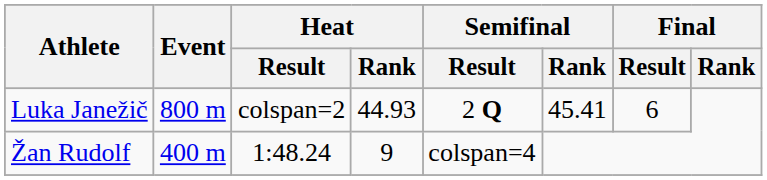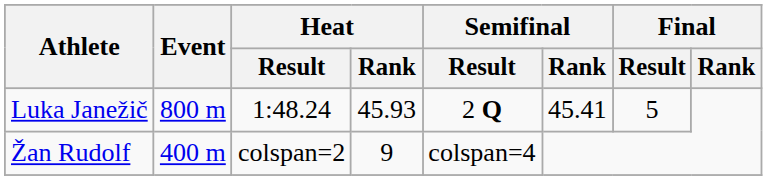 <table class="wikitable" style="font-size:90%">
 <tr>
 <th rowspan=2>Athlete</th>
 <th rowspan=2>Event</th>
 <th colspan=2>Heat</th>
 <th colspan=2>Semifinal</th>
 <th colspan=2>Final</th>
 </tr>
 <tr style="font-size:95%">
 <th>Result</th>
 <th>Rank</th>
 <th>Result</th>
 <th>Rank</th>
 <th>Result</th>
 <th>Rank</th>
 </tr>
 <tr align=center>
 <td align=left><a href='#'>Luka Janežič</a></td>
 <td style="text-align:left;" rowspan="1"><a href='#'>800 m</a></td>
-<td>colspan=2 </td>
-<td>44.93</td>
+<td>1:48.24</td>
+<td>45.93</td>
 <td>2 <strong>Q</strong></td>
 <td>45.41</td>
-<td>6</td>
+<td>5</td>
 </tr>
 <tr align=center>
 <td align=left><a href='#'>Žan Rudolf</a></td>
 <td style="text-align:left;" rowspan="1"><a href='#'>400 m</a></td>
-<td>1:48.24</td>
+<td>colspan=2 </td>
 <td>9</td>
 <td>colspan=4 </td>
 </tr>
 </table>
